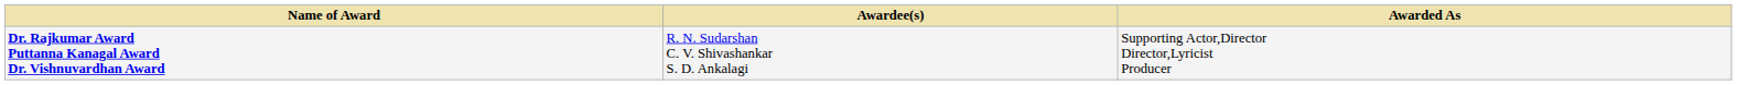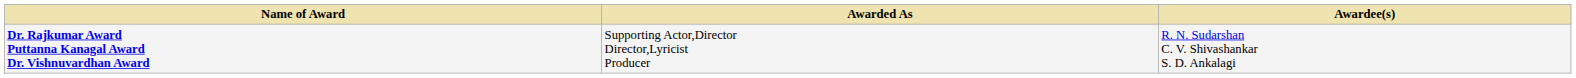 <table class="wikitable" style="width:100%;">
 <tr>
 <th style="background-color:#EFE4B0;">Name of Award</th>
+<th style="background-color:#EFE4B0;">Awarded As</th>
 <th style="background-color:#EFE4B0;">Awardee(s)</th>
-<th style="background-color:#EFE4B0;">Awarded As</th>
 </tr>
 <tr style="background-color:#F4F4F4">
 <td><strong><a href='#'>Dr. Rajkumar Award</a></strong><br><strong><a href='#'>Puttanna Kanagal Award</a></strong><br><strong><a href='#'>Dr. Vishnuvardhan Award</a></strong></td>
+<td>Supporting Actor,Director<br>Director,Lyricist<br>Producer</td>
 <td><a href='#'>R. N. Sudarshan</a><br>C. V. Shivashankar<br>S. D. Ankalagi</td>
-<td>Supporting Actor,Director<br>Director,Lyricist<br>Producer</td>
 </tr>
 </table>
